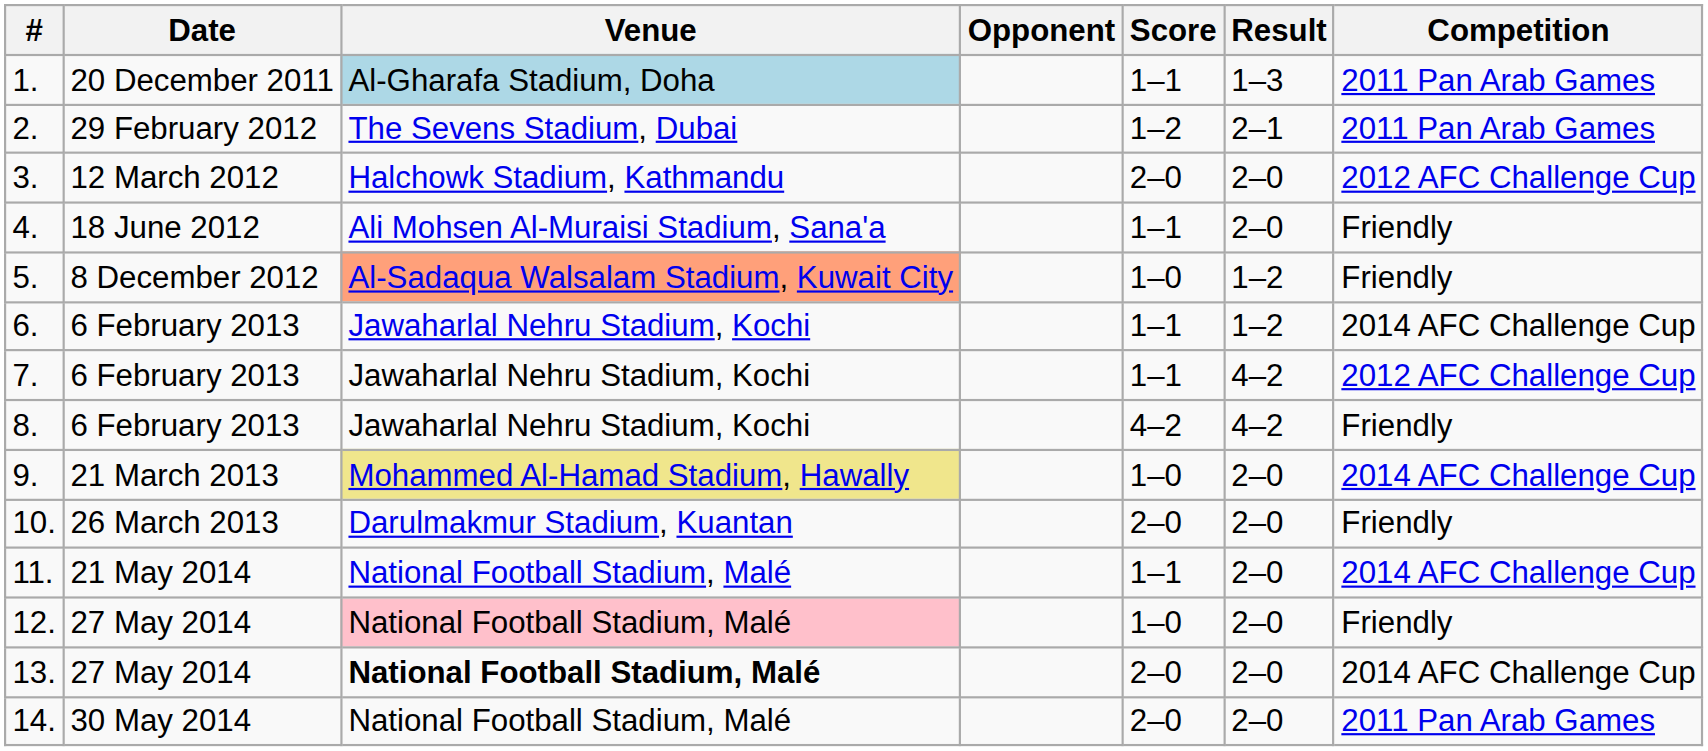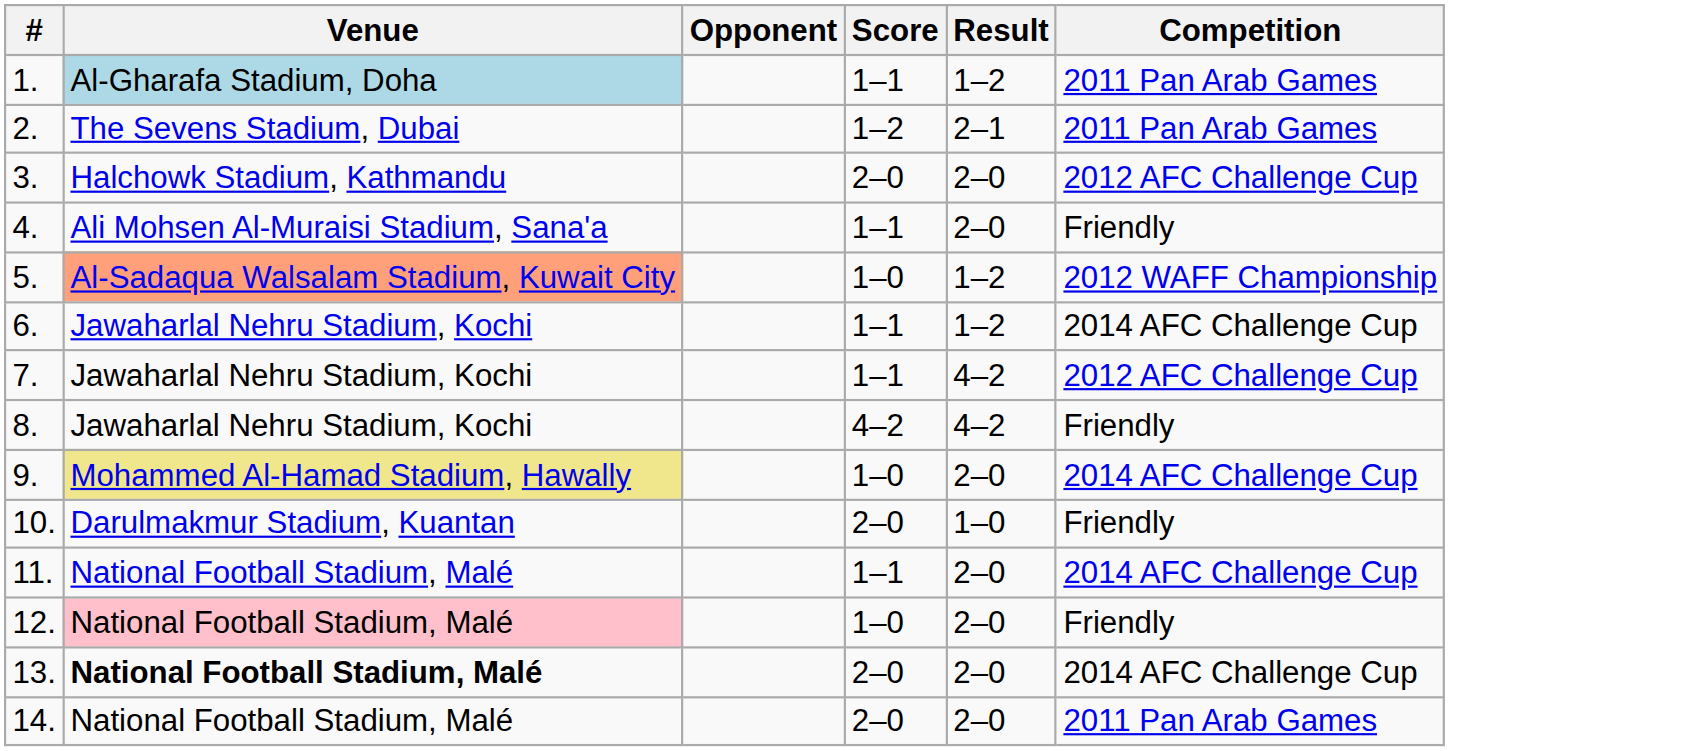 <table class="wikitable" style="font-size:90%;">
 <tr>
 <th>#</th>
-<th>Date</th>
 <th>Venue</th>
 <th>Opponent</th>
 <th>Score</th>
 <th>Result</th>
 <th>Competition</th>
 </tr>
 <tr>
 <td>1.</td>
-<td>20 December 2011</td>
 <td style="background: lightblue;">Al-Gharafa Stadium, Doha</td>
 <td></td>
 <td style="text-aligin:center;">1–1</td>
-<td style="text-aligin:center;">1–3</td>
+<td style="text-aligin:center;">1–2</td>
 <td><a href='#'>2011 Pan Arab Games</a></td>
 </tr>
 <tr>
 <td>2.</td>
-<td>29 February 2012</td>
 <td><a href='#'>The Sevens Stadium</a>, <a href='#'>Dubai</a></td>
 <td></td>
 <td style="text-aligin:center;">1–2</td>
 <td style="text-aligin:center;">2–1</td>
 <td><a href='#'>2011 Pan Arab Games</a></td>
 </tr>
 <tr>
 <td>3.</td>
-<td>12 March 2012</td>
 <td><a href='#'>Halchowk Stadium</a>, <a href='#'>Kathmandu</a></td>
 <td></td>
 <td style="text-aligin:center;">2–0</td>
 <td style="text-aligin:center;">2–0</td>
 <td><a href='#'>2012 AFC Challenge Cup</a></td>
 </tr>
 <tr>
 <td>4.</td>
-<td>18 June 2012</td>
 <td><a href='#'>Ali Mohsen Al-Muraisi Stadium</a>, <a href='#'>Sana'a</a></td>
 <td></td>
 <td style="text-aligin:center;">1–1</td>
 <td style="text-aligin:center;">2–0</td>
 <td>Friendly</td>
 </tr>
 <tr>
 <td>5.</td>
-<td>8 December 2012</td>
 <td style="background: lightsalmon;"><a href='#'>Al-Sadaqua Walsalam Stadium</a>, <a href='#'>Kuwait City</a></td>
 <td></td>
 <td style="text-aligin:center;">1–0</td>
 <td style="text-aligin:center;">1–2</td>
-<td>Friendly</td>
+<td><a href='#'>2012 WAFF Championship</a></td>
 </tr>
 <tr>
 <td>6.</td>
-<td>6 February 2013</td>
 <td><a href='#'>Jawaharlal Nehru Stadium</a>, <a href='#'>Kochi</a></td>
 <td></td>
 <td style="text-aligin:center;">1–1</td>
 <td style="text-aligin:center;">1–2</td>
 <td>2014 AFC Challenge Cup</td>
 </tr>
 <tr>
 <td>7.</td>
-<td>6 February 2013</td>
 <td>Jawaharlal Nehru Stadium, Kochi</td>
 <td></td>
 <td style="text-aligin:center;">1–1</td>
 <td style="text-aligin:center;">4–2</td>
 <td><a href='#'>2012 AFC Challenge Cup</a></td>
 </tr>
 <tr>
 <td>8.</td>
-<td>6 February 2013</td>
 <td>Jawaharlal Nehru Stadium, Kochi</td>
 <td></td>
 <td style="text-aligin:center;">4–2</td>
 <td style="text-aligin:center;">4–2</td>
 <td>Friendly</td>
 </tr>
 <tr>
 <td>9.</td>
-<td>21 March 2013</td>
 <td style="background: khaki;"><a href='#'>Mohammed Al-Hamad Stadium</a>, <a href='#'>Hawally</a></td>
 <td></td>
 <td style="text-aligin:center;">1–0</td>
 <td style="text-aligin:center;">2–0</td>
 <td><a href='#'>2014 AFC Challenge Cup</a></td>
 </tr>
 <tr>
 <td>10.</td>
-<td>26 March 2013</td>
 <td><a href='#'>Darulmakmur Stadium</a>, <a href='#'>Kuantan</a></td>
 <td></td>
 <td style="text-aligin:center;">2–0</td>
-<td style="text-aligin:center;">2–0</td>
+<td style="text-aligin:center;">1–0</td>
 <td>Friendly</td>
 </tr>
 <tr>
 <td>11.</td>
-<td>21 May 2014</td>
 <td><a href='#'>National Football Stadium</a>, <a href='#'>Malé</a></td>
 <td></td>
 <td style="text-aligin:center;">1–1</td>
 <td style="text-aligin:center;">2–0</td>
 <td><a href='#'>2014 AFC Challenge Cup</a></td>
 </tr>
 <tr>
 <td>12.</td>
-<td>27 May 2014</td>
 <td style="background: pink;">National Football Stadium, Malé</td>
 <td></td>
 <td style="text-aligin:center;">1–0</td>
 <td style="text-aligin:center;">2–0</td>
 <td>Friendly</td>
 </tr>
 <tr>
 <td>13.</td>
-<td>27 May 2014</td>
 <td><strong>National Football Stadium, Malé</strong></td>
 <td></td>
 <td style="text-aligin:center;">2–0</td>
 <td style="text-aligin:center;">2–0</td>
 <td>2014 AFC Challenge Cup</td>
 </tr>
 <tr>
 <td>14.</td>
-<td>30 May 2014</td>
 <td>National Football Stadium, Malé</td>
 <td></td>
 <td style="text-aligin:center;">2–0</td>
 <td style="text-aligin:center;">2–0</td>
 <td><a href='#'>2011 Pan Arab Games</a></td>
 </tr>
 </table>
